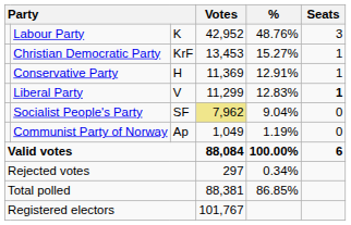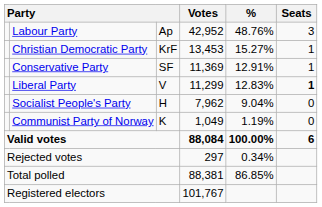 <table class="wikitable" border="1" style="text-align:right;">
 <tr>
 <th style="text-align:left;" colspan=3>Party</th>
 <th align=center width="50">Votes</th>
 <th align=center width="50">%</th>
 <th align=center width="50">Seats</th>
 </tr>
 <tr>
 <td style="color:inherit;background:"></td>
 <td align=left><a href='#'>Labour Party</a></td>
-<td align=left>K</td>
+<td align=left>Ap</td>
 <td>42,952</td>
 <td>48.76%</td>
 <td>3</td>
 </tr>
 <tr>
 <td style="color:inherit;background:"></td>
 <td align=left><a href='#'>Christian Democratic Party</a></td>
 <td align=left>KrF</td>
 <td>13,453</td>
 <td>15.27%</td>
 <td>1</td>
 </tr>
 <tr>
 <td style="color:inherit;background:"></td>
 <td align=left><a href='#'>Conservative Party</a></td>
-<td align=left>H</td>
+<td align=left>SF</td>
 <td>11,369</td>
 <td>12.91%</td>
 <td>1</td>
 </tr>
 <tr>
 <td style="color:inherit;background:"></td>
 <td align=left><a href='#'>Liberal Party</a></td>
 <td align=left>V</td>
 <td>11,299</td>
 <td>12.83%</td>
 <td><strong>1</strong></td>
 </tr>
 <tr>
 <td style="color:inherit;background:"></td>
 <td align=left><a href='#'>Socialist People's Party</a></td>
-<td align=left>SF</td>
-<td style="background: khaki;">7,962</td>
+<td align=left>H</td>
+<td>7,962</td>
 <td>9.04%</td>
 <td>0</td>
 </tr>
 <tr>
 <td style="color:inherit;background:"></td>
 <td align=left><a href='#'>Communist Party of Norway</a></td>
-<td align=left>Ap</td>
+<td align=left>K</td>
 <td>1,049</td>
 <td>1.19%</td>
 <td>0</td>
 </tr>
 <tr style="font-weight:bold">
 <td align=left colspan=3>Valid votes</td>
 <td>88,084</td>
 <td>100.00%</td>
 <td>6</td>
 </tr>
 <tr>
 <td align=left colspan=3>Rejected votes</td>
 <td>297</td>
 <td>0.34%</td>
 <td></td>
 </tr>
 <tr>
 <td align=left colspan=3>Total polled</td>
 <td>88,381</td>
 <td>86.85%</td>
 <td></td>
 </tr>
 <tr>
 <td align=left colspan=3>Registered electors</td>
 <td>101,767</td>
 <td></td>
 <td></td>
 </tr>
 </table>
